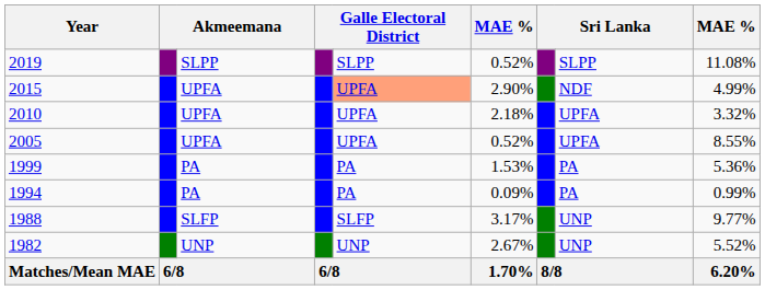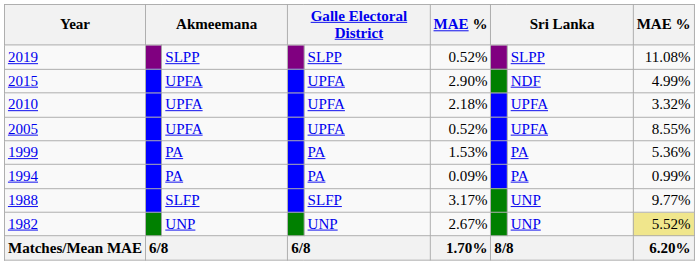 <table class="wikitable">
 <tr>
 <th>Year</th>
 <th colspan="2" width="144px">Akmeemana</th>
 <th colspan="2" width="144px"><a href='#'>Galle Electoral District</a></th>
 <th><a href='#'>MAE</a> %</th>
 <th colspan="2" width="144px">Sri Lanka</th>
 <th>MAE %</th>
 </tr>
 <tr>
 <td><a href='#'>2019</a></td>
 <td style="background-color:purple;" width="10px"></td>
 <td style="text-align:left;"><a href='#'>SLPP</a></td>
 <td style="background-color:purple;" width="10px"></td>
 <td style="text-align:left;"><a href='#'>SLPP</a></td>
 <td style="text-align:right;">0.52%</td>
 <td style="background-color:purple;" width="10px"></td>
 <td style="text-align:left;"><a href='#'>SLPP</a></td>
 <td style="text-align:right;">11.08%</td>
 </tr>
 <tr>
 <td><a href='#'>2015</a></td>
 <td style="background-color:blue;" width="10px"></td>
 <td style="text-align:left;"><a href='#'>UPFA</a></td>
 <td style="background-color:blue;" width="10px"></td>
-<td style="background: lightsalmon; text-align:left;"><a href='#'>UPFA</a></td>
+<td style="text-align:left;"><a href='#'>UPFA</a></td>
 <td style="text-align:right;">2.90%</td>
 <td style="background-color:green;" width="10px"></td>
 <td style="text-align:left;"><a href='#'>NDF</a></td>
 <td style="text-align:right;">4.99%</td>
 </tr>
 <tr>
 <td><a href='#'>2010</a></td>
 <td style="background-color:blue;" width="10px"></td>
 <td style="text-align:left;"><a href='#'>UPFA</a></td>
 <td style="background-color:blue;" width="10px"></td>
 <td style="text-align:left;"><a href='#'>UPFA</a></td>
 <td style="text-align:right;">2.18%</td>
 <td style="background-color:blue;" width="10px"></td>
 <td style="text-align:left;"><a href='#'>UPFA</a></td>
 <td style="text-align:right;">3.32%</td>
 </tr>
 <tr>
 <td><a href='#'>2005</a></td>
 <td style="background-color:blue;" width="10px"></td>
 <td style="text-align:left;"><a href='#'>UPFA</a></td>
 <td style="background-color:blue;" width="10px"></td>
 <td style="text-align:left;"><a href='#'>UPFA</a></td>
 <td style="text-align:right;">0.52%</td>
 <td style="background-color:blue;" width="10px"></td>
 <td style="text-align:left;"><a href='#'>UPFA</a></td>
 <td style="text-align:right;">8.55%</td>
 </tr>
 <tr>
 <td><a href='#'>1999</a></td>
 <td style="background-color:blue;" width="10px"></td>
 <td style="text-align:left;"><a href='#'>PA</a></td>
 <td style="background-color:blue;" width="10px"></td>
 <td style="text-align:left;"><a href='#'>PA</a></td>
 <td style="text-align:right;">1.53%</td>
 <td style="background-color:blue;" width="10px"></td>
 <td style="text-align:left;"><a href='#'>PA</a></td>
 <td style="text-align:right;">5.36%</td>
 </tr>
 <tr>
 <td><a href='#'>1994</a></td>
 <td style="background-color:blue;" width="10px"></td>
 <td style="text-align:left;"><a href='#'>PA</a></td>
 <td style="background-color:blue;" width="10px"></td>
 <td style="text-align:left;"><a href='#'>PA</a></td>
 <td style="text-align:right;">0.09%</td>
 <td style="background-color:blue;" width="10px"></td>
 <td style="text-align:left;"><a href='#'>PA</a></td>
 <td style="text-align:right;">0.99%</td>
 </tr>
 <tr>
 <td><a href='#'>1988</a></td>
 <td style="background-color:blue;" width="10px"></td>
 <td style="text-align:left;"><a href='#'>SLFP</a></td>
 <td style="background-color:blue;" width="10px"></td>
 <td style="text-align:left;"><a href='#'>SLFP</a></td>
 <td style="text-align:right;">3.17%</td>
 <td style="background-color:green;" width="10px"></td>
 <td style="text-align:left;"><a href='#'>UNP</a></td>
 <td style="text-align:right;">9.77%</td>
 </tr>
 <tr>
 <td><a href='#'>1982</a></td>
 <td style="background-color:green;" width="10px"></td>
 <td style="text-align:left;"><a href='#'>UNP</a></td>
 <td style="background-color:green;" width="10px"></td>
 <td style="text-align:left;"><a href='#'>UNP</a></td>
 <td style="text-align:right;">2.67%</td>
 <td style="background-color:green;" width="10px"></td>
 <td style="text-align:left;"><a href='#'>UNP</a></td>
-<td style="text-align:right;">5.52%</td>
+<td style="background: khaki; text-align:right;">5.52%</td>
 </tr>
 <tr>
 <th>Matches/Mean MAE</th>
 <th style="text-align:left;"colspan="2" width="144px">6/8</th>
 <th style="text-align:left;"colspan="2" width="144px">6/8</th>
 <th style="text-align:right;">1.70%</th>
 <th style="text-align:left;"colspan="2" width="144px">8/8</th>
 <th style="text-align:right;">6.20%</th>
 </tr>
 </table>
